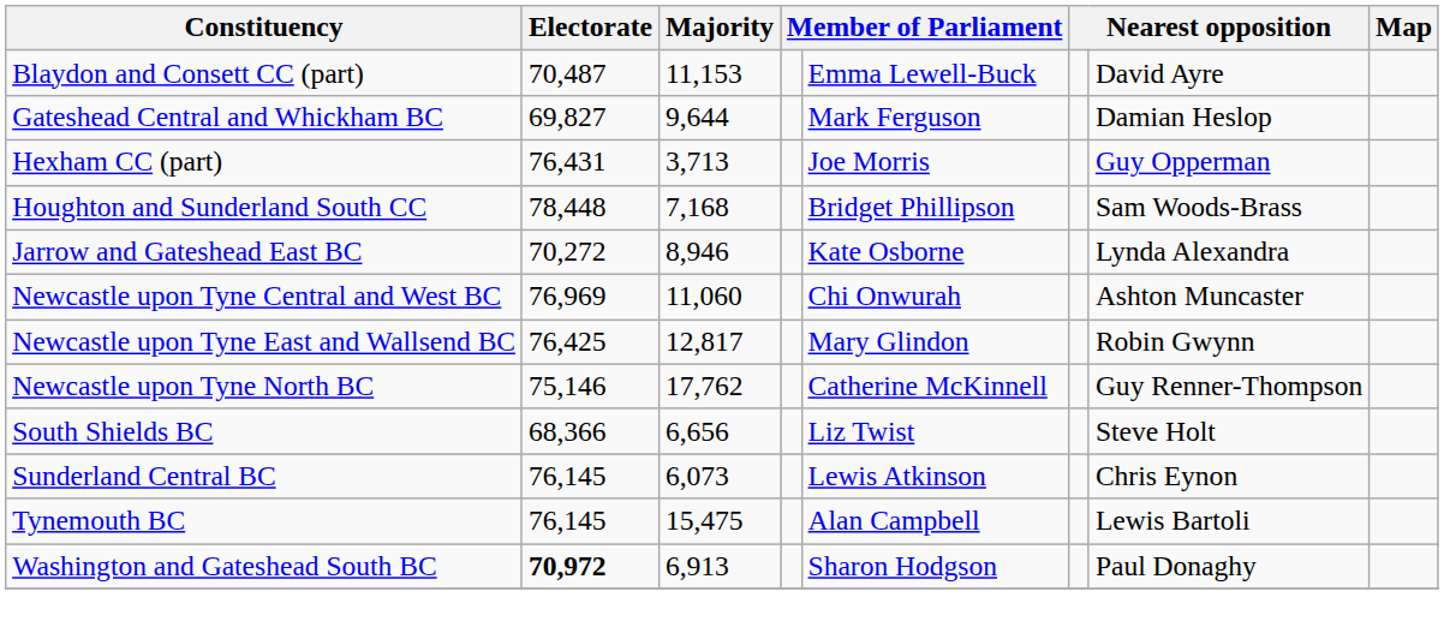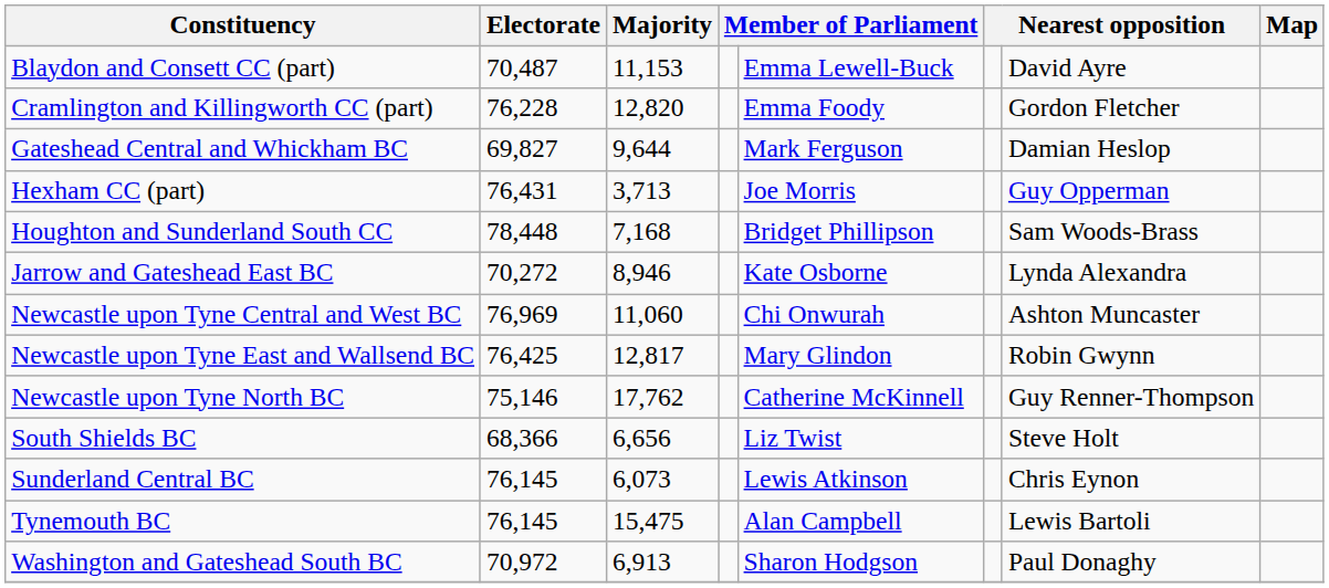 <table class="wikitable sortable">
 <tr>
 <th rowspan="1">Constituency</th>
 <th rowspan="1">Electorate</th>
 <th rowspan="1">Majority</th>
 <th class="unsortable" colspan="2"><a href='#'>Member of Parliament</a></th>
 <th class="unsortable" colspan="2">Nearest opposition<br></th>
 <th class="unsortable" rowspan="1">Map</th>
 </tr>
 <tr>
 <td><a href='#'>Blaydon and Consett CC</a> (part)</td>
 <td>70,487</td>
 <td>11,153</td>
 <td style="color:inherit;background:"> </td>
 <td><a href='#'>Emma Lewell-Buck</a></td>
 <td style="color:inherit;background:"> </td>
 <td>David Ayre</td>
+<td></td>
+</tr>
+<tr>
+<td><a href='#'>Cramlington and Killingworth CC</a> (part)</td>
+<td>76,228</td>
+<td>12,820</td>
+<td style="color:inherit;background:"> </td>
+<td><a href='#'>Emma Foody</a></td>
+<td style="color:inherit;background:"> </td>
+<td>Gordon Fletcher</td>
 <td></td>
 </tr>
 <tr>
 <td><a href='#'>Gateshead Central and Whickham BC</a></td>
 <td>69,827</td>
 <td>9,644</td>
 <td style="color:inherit;background:"> </td>
 <td><a href='#'>Mark Ferguson</a></td>
 <td style="color:inherit;background:"> </td>
 <td>Damian Heslop</td>
 <td></td>
 </tr>
 <tr>
 <td><a href='#'>Hexham CC</a> (part)</td>
 <td>76,431</td>
 <td>3,713</td>
 <td style="color:inherit;background:"></td>
 <td><a href='#'>Joe Morris</a></td>
 <td style="color:inherit;background:"> </td>
 <td><a href='#'>Guy Opperman</a></td>
 <td></td>
 </tr>
 <tr>
 <td><a href='#'>Houghton and Sunderland South CC</a></td>
 <td>78,448</td>
 <td>7,168</td>
 <td style="color:inherit;background:"> </td>
 <td><a href='#'>Bridget Phillipson</a></td>
 <td style="color:inherit;background:"> </td>
 <td>Sam Woods-Brass</td>
 <td></td>
 </tr>
 <tr>
 <td><a href='#'>Jarrow and Gateshead East BC</a></td>
 <td>70,272</td>
 <td>8,946</td>
 <td style="color:inherit;background:"> </td>
 <td><a href='#'>Kate Osborne</a></td>
 <td style="color:inherit;background:"> </td>
 <td>Lynda Alexandra</td>
 <td></td>
 </tr>
 <tr>
 <td><a href='#'>Newcastle upon Tyne Central and West BC</a></td>
 <td>76,969</td>
 <td>11,060</td>
 <td style="color:inherit;background:"> </td>
 <td><a href='#'>Chi Onwurah</a></td>
 <td style="color:inherit;background:"> </td>
 <td>Ashton Muncaster</td>
 <td></td>
 </tr>
 <tr>
 <td><a href='#'>Newcastle upon Tyne East and Wallsend BC</a></td>
 <td>76,425</td>
 <td>12,817</td>
 <td style="color:inherit;background:"> </td>
 <td><a href='#'>Mary Glindon</a></td>
 <td style="color:inherit;background:"> </td>
 <td>Robin Gwynn</td>
 <td></td>
 </tr>
 <tr>
 <td><a href='#'>Newcastle upon Tyne North BC</a></td>
 <td>75,146</td>
 <td>17,762</td>
 <td style="color:inherit;background:"> </td>
 <td><a href='#'>Catherine McKinnell</a></td>
 <td style="color:inherit;background:"> </td>
 <td>Guy Renner-Thompson</td>
 <td></td>
 </tr>
 <tr>
 <td><a href='#'>South Shields BC</a></td>
 <td>68,366</td>
 <td>6,656</td>
 <td style="color:inherit;background:"> </td>
 <td><a href='#'>Liz Twist</a></td>
 <td style="color:inherit;background:"></td>
 <td>Steve Holt</td>
 <td></td>
 </tr>
 <tr>
 <td><a href='#'>Sunderland Central BC</a></td>
 <td>76,145</td>
 <td>6,073</td>
 <td style="color:inherit;background:"> </td>
 <td><a href='#'>Lewis Atkinson</a></td>
 <td style="color:inherit;background:"> </td>
 <td>Chris Eynon</td>
 <td></td>
 </tr>
 <tr>
 <td><a href='#'>Tynemouth BC</a></td>
 <td>76,145</td>
 <td>15,475</td>
 <td style="color:inherit;background:"> </td>
 <td><a href='#'>Alan Campbell</a></td>
 <td style="color:inherit;background:"> </td>
 <td>Lewis Bartoli</td>
 <td></td>
 </tr>
 <tr>
 <td><a href='#'>Washington and Gateshead South BC</a></td>
-<td><strong>70,972</strong></td>
+<td>70,972</td>
 <td>6,913</td>
 <td style="color:inherit;background:"> </td>
 <td><a href='#'>Sharon Hodgson</a></td>
 <td style="color:inherit;background:"> </td>
 <td>Paul Donaghy</td>
 <td></td>
 </tr>
 <tr>
 </tr>
 </table>
